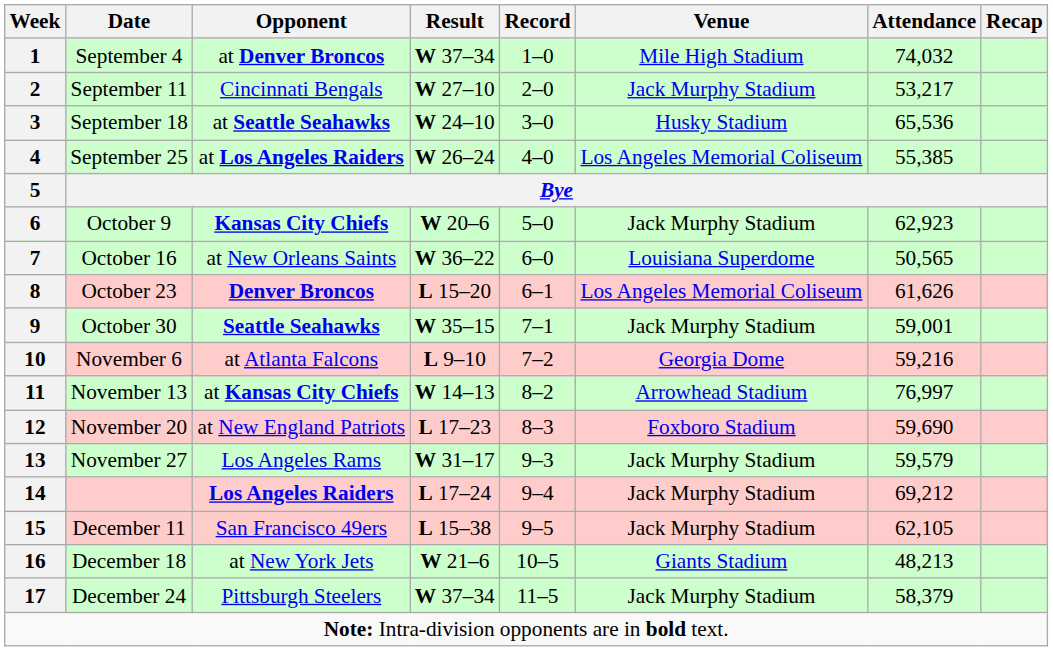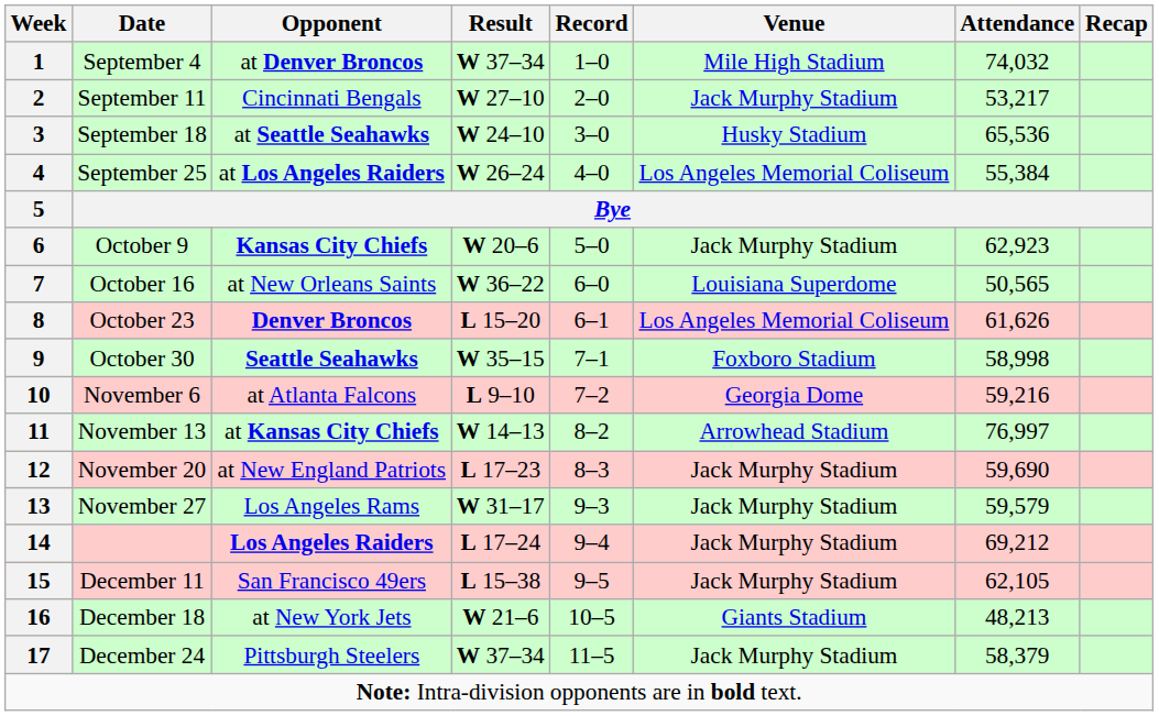 <table class="wikitable" style="text-align:center">
 <tr>
 <th>Week</th>
 <th>Date</th>
 <th>Opponent</th>
 <th>Result</th>
 <th>Record</th>
 <th>Venue</th>
 <th>Attendance</th>
 <th>Recap</th>
 </tr>
 <tr style="background:#cfc">
 <th scope="row">1</th>
 <td>September 4</td>
 <td>at <strong><a href='#'>Denver Broncos</a></strong></td>
 <td><strong>W</strong> 37–34</td>
 <td>1–0</td>
 <td><a href='#'>Mile High Stadium</a></td>
 <td>74,032</td>
 <td></td>
 </tr>
 <tr style="background:#cfc">
 <th scope="row">2</th>
 <td>September 11</td>
 <td><a href='#'>Cincinnati Bengals</a></td>
 <td><strong>W</strong> 27–10</td>
 <td>2–0</td>
 <td><a href='#'>Jack Murphy Stadium</a></td>
 <td>53,217</td>
 <td></td>
 </tr>
 <tr style="background:#cfc">
 <th scope="row">3</th>
 <td>September 18</td>
 <td>at <strong><a href='#'>Seattle Seahawks</a></strong></td>
 <td><strong>W</strong> 24–10</td>
 <td>3–0</td>
 <td><a href='#'>Husky Stadium</a></td>
 <td>65,536</td>
 <td></td>
 </tr>
 <tr style="background:#cfc">
 <th scope="row">4</th>
 <td>September 25</td>
 <td>at <strong><a href='#'>Los Angeles Raiders</a></strong></td>
 <td><strong>W</strong> 26–24</td>
 <td>4–0</td>
 <td><a href='#'>Los Angeles Memorial Coliseum</a></td>
-<td>55,385</td>
+<td>55,384</td>
 <td></td>
 </tr>
 <tr>
 <th scope="row">5</th>
 <th colspan="7"><em><a href='#'>Bye</a></em></th>
 </tr>
 <tr style="background:#cfc">
 <th scope="row">6</th>
 <td>October 9</td>
 <td><strong><a href='#'>Kansas City Chiefs</a></strong></td>
 <td><strong>W</strong> 20–6</td>
 <td>5–0</td>
 <td>Jack Murphy Stadium</td>
 <td>62,923</td>
 <td></td>
 </tr>
 <tr style="background:#cfc">
 <th scope="row">7</th>
 <td>October 16</td>
 <td>at <a href='#'>New Orleans Saints</a></td>
 <td><strong>W</strong> 36–22</td>
 <td>6–0</td>
 <td><a href='#'>Louisiana Superdome</a></td>
 <td>50,565</td>
 <td></td>
 </tr>
 <tr style="background:#fcc">
 <th scope="row">8</th>
 <td>October 23</td>
 <td><strong><a href='#'>Denver Broncos</a></strong></td>
 <td><strong>L</strong> 15–20</td>
 <td>6–1</td>
 <td><a href='#'>Los Angeles Memorial Coliseum</a></td>
 <td>61,626</td>
 <td></td>
 </tr>
 <tr style="background:#cfc">
 <th scope="row">9</th>
 <td>October 30</td>
 <td><strong><a href='#'>Seattle Seahawks</a></strong></td>
 <td><strong>W</strong> 35–15</td>
 <td>7–1</td>
-<td>Jack Murphy Stadium</td>
-<td>59,001</td>
+<td><a href='#'>Foxboro Stadium</a></td>
+<td>58,998</td>
 <td></td>
 </tr>
 <tr style="background:#fcc">
 <th scope="row">10</th>
 <td>November 6</td>
 <td>at <a href='#'>Atlanta Falcons</a></td>
 <td><strong>L</strong> 9–10</td>
 <td>7–2</td>
 <td><a href='#'>Georgia Dome</a></td>
 <td>59,216</td>
 <td></td>
 </tr>
 <tr style="background:#cfc">
 <th scope="row">11</th>
 <td>November 13</td>
 <td>at <strong><a href='#'>Kansas City Chiefs</a></strong></td>
 <td><strong>W</strong> 14–13</td>
 <td>8–2</td>
 <td><a href='#'>Arrowhead Stadium</a></td>
 <td>76,997</td>
 <td></td>
 </tr>
 <tr style="background:#fcc">
 <th scope="row">12</th>
 <td>November 20</td>
 <td>at <a href='#'>New England Patriots</a></td>
 <td><strong>L</strong> 17–23</td>
 <td>8–3</td>
-<td><a href='#'>Foxboro Stadium</a></td>
+<td>Jack Murphy Stadium</td>
 <td>59,690</td>
 <td></td>
 </tr>
 <tr style="background:#cfc">
 <th scope="row">13</th>
 <td>November 27</td>
 <td><a href='#'>Los Angeles Rams</a></td>
 <td><strong>W</strong> 31–17</td>
 <td>9–3</td>
 <td>Jack Murphy Stadium</td>
 <td>59,579</td>
 <td></td>
 </tr>
 <tr style="background:#fcc">
 <th scope="row">14</th>
 <td></td>
 <td><strong><a href='#'>Los Angeles Raiders</a></strong></td>
 <td><strong>L</strong> 17–24</td>
 <td>9–4</td>
 <td>Jack Murphy Stadium</td>
 <td>69,212</td>
 <td></td>
 </tr>
 <tr style="background:#fcc">
 <th scope="row">15</th>
 <td>December 11</td>
 <td><a href='#'>San Francisco 49ers</a></td>
 <td><strong>L</strong> 15–38</td>
 <td>9–5</td>
 <td>Jack Murphy Stadium</td>
 <td>62,105</td>
 <td></td>
 </tr>
 <tr style="background:#cfc">
 <th scope="row">16</th>
 <td>December 18</td>
 <td>at <a href='#'>New York Jets</a></td>
 <td><strong>W</strong> 21–6</td>
 <td>10–5</td>
 <td><a href='#'>Giants Stadium</a></td>
 <td>48,213</td>
 <td></td>
 </tr>
 <tr style="background:#cfc">
 <th scope="row">17</th>
 <td>December 24</td>
 <td><a href='#'>Pittsburgh Steelers</a></td>
 <td><strong>W</strong> 37–34</td>
 <td>11–5</td>
 <td>Jack Murphy Stadium</td>
 <td>58,379</td>
 <td></td>
 </tr>
 <tr>
 <td colspan="8"><strong>Note:</strong> Intra-division opponents are in <strong>bold</strong> text.</td>
 </tr>
 </table>
